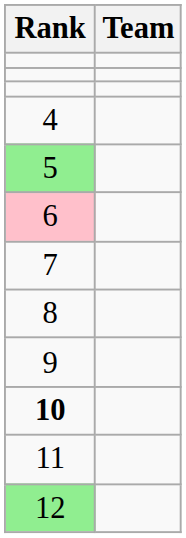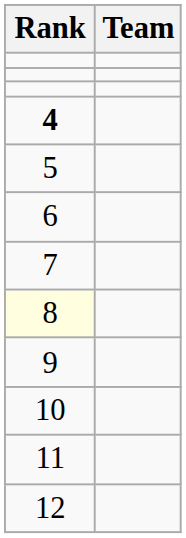 <table class="wikitable" style="text-align: center;">
 <tr>
 <th width=40>Rank</th>
 <th>Team</th>
 </tr>
 <tr>
 <td></td>
 <td style="text-align:left;"></td>
 </tr>
 <tr>
 <td></td>
 <td style="text-align:left;"></td>
 </tr>
 <tr>
 <td></td>
 <td style="text-align:left;"></td>
 </tr>
 <tr>
-<td>4</td>
+<td><strong>4</strong></td>
 <td style="text-align:left;"></td>
 </tr>
 <tr>
-<td style="background: lightgreen;">5</td>
+<td>5</td>
 <td style="text-align:left;"></td>
 </tr>
 <tr>
-<td style="background: pink;">6</td>
+<td>6</td>
 <td style="text-align:left;"></td>
 </tr>
 <tr>
 <td>7</td>
 <td style="text-align:left;"></td>
 </tr>
 <tr>
-<td>8</td>
+<td style="background: lightyellow;">8</td>
 <td style="text-align:left;"></td>
 </tr>
 <tr>
 <td>9</td>
 <td style="text-align:left;"></td>
 </tr>
 <tr>
-<td><strong>10</strong></td>
+<td>10</td>
 <td style="text-align:left;"></td>
 </tr>
 <tr>
 <td>11</td>
 <td style="text-align:left;"></td>
 </tr>
 <tr>
-<td style="background: lightgreen;">12</td>
+<td>12</td>
 <td style="text-align:left;"></td>
 </tr>
 </table>
